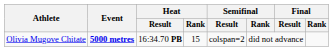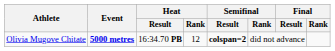 <table class="wikitable" style="font-size:90%">
 <tr>
 <th rowspan="2">Athlete</th>
 <th rowspan="2">Event</th>
 <th colspan="2">Heat</th>
 <th colspan="2">Semifinal</th>
 <th colspan="2">Final</th>
 </tr>
 <tr style="font-size:95%">
 <th>Result</th>
 <th>Rank</th>
 <th>Result</th>
 <th>Rank</th>
 <th>Result</th>
 <th>Rank</th>
 </tr>
 <tr style=text-align:center>
 <td style=text-align:left><a href='#'>Olivia Mugove Chitate</a></td>
 <td style=text-align:left><strong><a href='#'>5000 metres</a></strong></td>
 <td>16:34.70 <strong>PB</strong></td>
-<td>15</td>
-<td>colspan=2 </td>
+<td>12</td>
+<td><strong>colspan=2 </strong></td>
 <td colspan=2>did not advance</td>
 </tr>
 </table>
